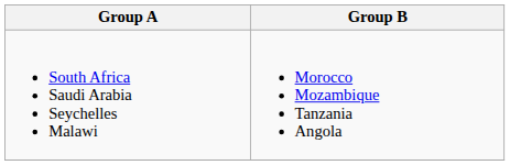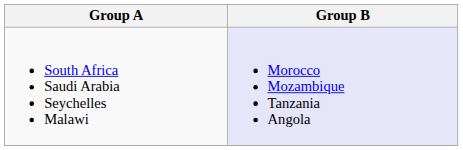 <table class="wikitable" style="width:80%;">
 <tr>
 <th width=25%>Group A</th>
 <th width=25%>Group B</th>
 </tr>
 <tr>
 <td><br><ul><li> <a href='#'>South Africa</a></li><li> Saudi Arabia</li><li> Seychelles</li><li> Malawi</li></ul></td>
-<td><br><ul><li> <a href='#'>Morocco</a></li><li> <a href='#'>Mozambique</a></li><li> Tanzania</li><li> Angola</li></ul></td>
+<td style="background: lavender;"><br><ul><li> <a href='#'>Morocco</a></li><li> <a href='#'>Mozambique</a></li><li> Tanzania</li><li> Angola</li></ul></td>
 </tr>
 <tr>
 </tr>
 </table>
